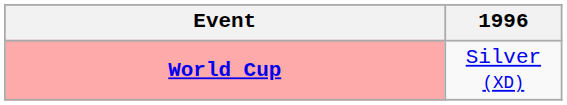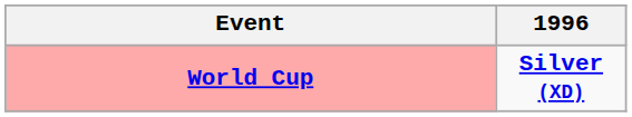 <table class="wikitable" style="font-size: 90%; text-align:center">
 <tr>
 <th>Event</th>
 <th>1996</th>
 </tr>
 <tr style="height: 30px;">
 <td bgcolor=FFAAAA style="width: 240px;align=left"><strong><a href='#'>World Cup</a></strong></td>
-<td style="width: 60px"> <a href='#'>Silver <small>(XD)</small></a></td>
+<td style="width: 60px"><strong> <a href='#'>Silver <small>(XD)</small></a></strong></td>
 </tr>
 </table>
